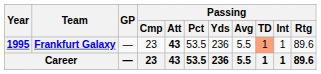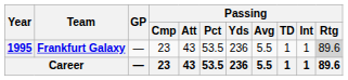 <table class=wikitable style="text-align:center;">
 <tr>
 <th rowspan="2">Year</th>
 <th rowspan="2">Team</th>
 <th rowspan="2">GP</th>
 <th colspan="8">Passing</th>
 </tr>
 <tr>
 <th>Cmp</th>
 <th>Att</th>
 <th>Pct</th>
 <th>Yds</th>
 <th>Avg</th>
 <th>TD</th>
 <th>Int</th>
 <th>Rtg</th>
 </tr>
 <tr>
 <th><a href='#'>1995</a></th>
 <th><a href='#'>Frankfurt Galaxy</a></th>
 <td>—</td>
 <td>23</td>
-<td><strong>43</strong></td>
+<td>43</td>
 <td>53.5</td>
 <td>236</td>
 <td>5.5</td>
-<td style="background: lightsalmon;">1</td>
 <td>1</td>
-<td>89.6</td>
+<td>1</td>
+<td style="background: lightgrey;">89.6</td>
 </tr>
 <tr>
 <th colspan="2">Career</th>
 <th>—</th>
 <th>23</th>
 <th>43</th>
 <th>53.5</th>
 <th>236</th>
 <th>5.5</th>
 <th>1</th>
 <th>1</th>
 <th>89.6</th>
 </tr>
 </table>
